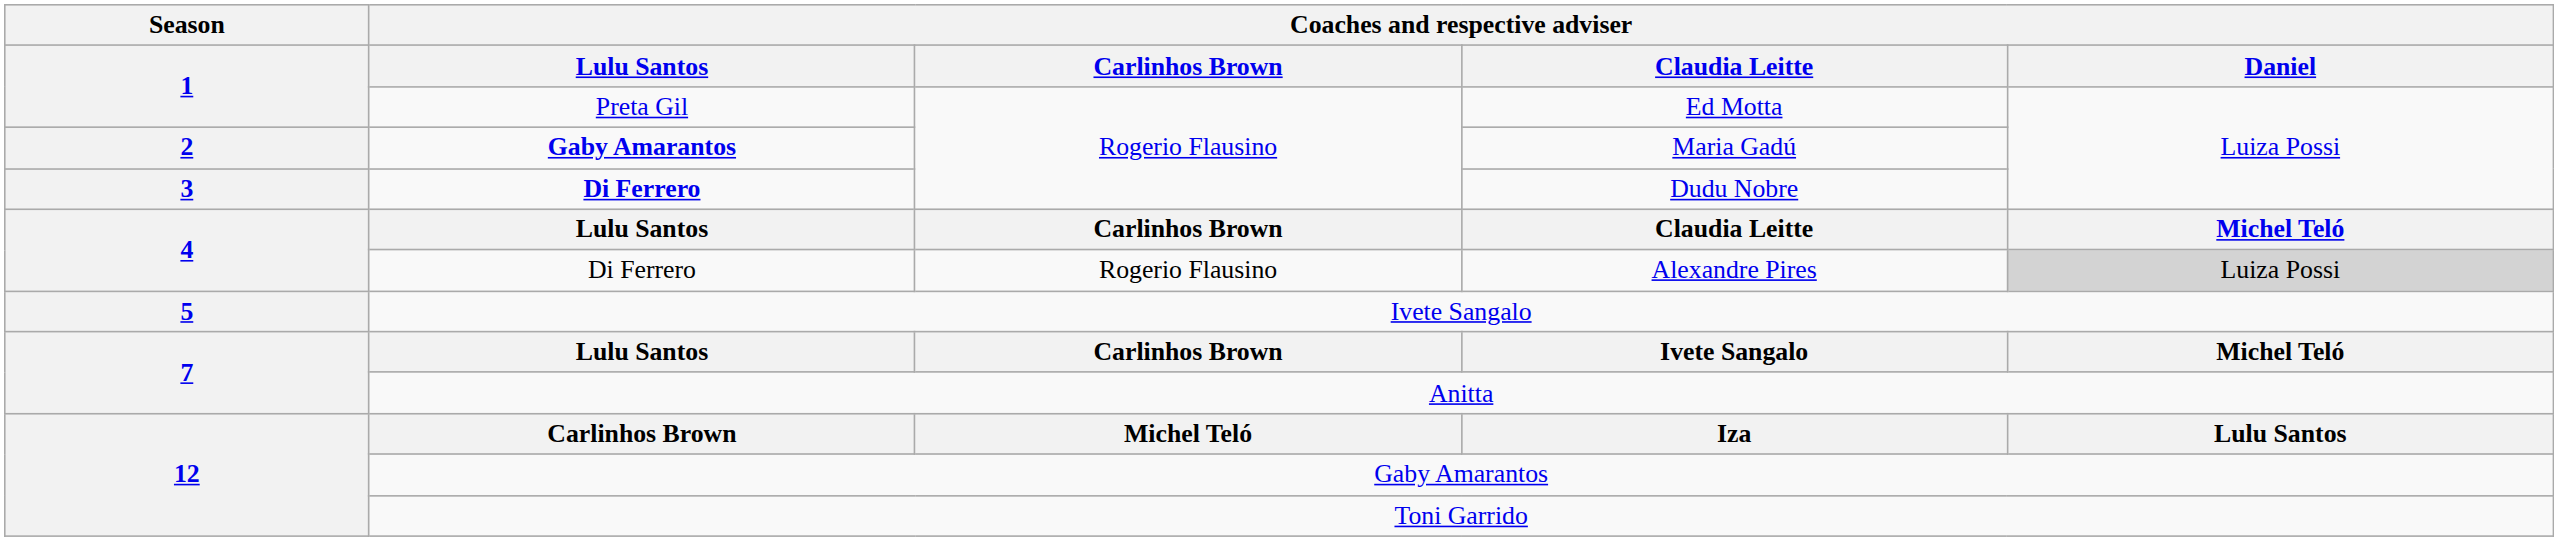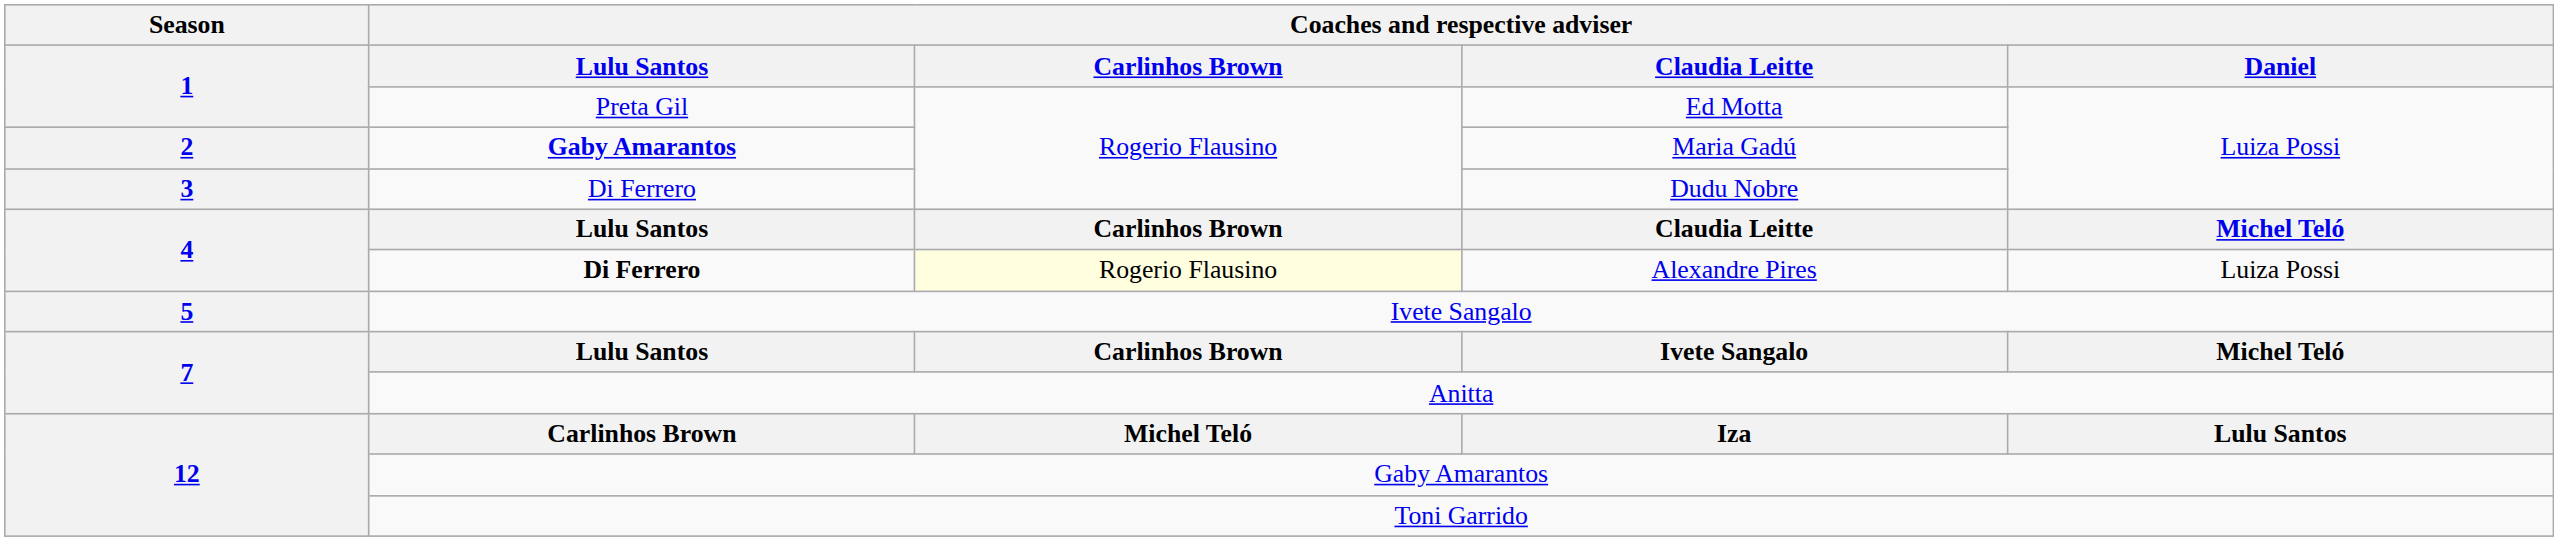 <table class="wikitable" style="text-align:center; width:100%">
 <tr>
 <th width="10%" scope="col">Season</th>
 <th width="60%" scope="col" colspan="5">Coaches and respective adviser</th>
 </tr>
 <tr>
 <th width="10%" scope="col" rowspan="2"><a href='#'>1</a></th>
 <th width="15%" scope="col"><a href='#'>Lulu Santos</a></th>
 <th width="15%" scope="col"><a href='#'>Carlinhos Brown</a></th>
 <th width="15%" scope="col"><a href='#'>Claudia Leitte</a></th>
 <th width="15%" scope="col"><a href='#'>Daniel</a></th>
 </tr>
 <tr>
 <td><a href='#'>Preta Gil</a></td>
 <td rowspan="3"><a href='#'>Rogerio Flausino</a></td>
 <td><a href='#'>Ed Motta</a></td>
 <td rowspan="3"><a href='#'>Luiza Possi</a></td>
 </tr>
 <tr>
 <th><a href='#'>2</a></th>
 <td><strong><a href='#'>Gaby Amarantos</a></strong></td>
 <td><a href='#'>Maria Gadú</a></td>
 </tr>
 <tr>
 <th><a href='#'>3</a></th>
-<td><strong><a href='#'>Di Ferrero</a></strong></td>
+<td><a href='#'>Di Ferrero</a></td>
 <td><a href='#'>Dudu Nobre</a></td>
 </tr>
 <tr>
 <th rowspan="2"><a href='#'>4</a></th>
 <th>Lulu Santos</th>
 <th>Carlinhos Brown</th>
 <th>Claudia Leitte</th>
 <th><a href='#'>Michel Teló</a></th>
 </tr>
 <tr>
-<td>Di Ferrero</td>
-<td>Rogerio Flausino</td>
+<td><strong>Di Ferrero</strong></td>
+<td style="background: lightyellow;">Rogerio Flausino</td>
 <td><a href='#'>Alexandre Pires</a></td>
-<td style="background: lightgrey;">Luiza Possi</td>
+<td>Luiza Possi</td>
 </tr>
 <tr>
 <th><a href='#'>5</a></th>
 <td colspan="4"><a href='#'>Ivete Sangalo</a></td>
 </tr>
 <tr>
 <th rowspan="2"><a href='#'>7</a></th>
 <th>Lulu Santos</th>
 <th>Carlinhos Brown</th>
 <th>Ivete Sangalo</th>
 <th>Michel Teló</th>
 </tr>
 <tr>
 <td colspan="4"><a href='#'>Anitta</a></td>
 </tr>
 <tr>
 <th rowspan="3"><a href='#'>12</a></th>
 <th>Carlinhos Brown</th>
 <th>Michel Teló</th>
 <th>Iza</th>
 <th>Lulu Santos</th>
 </tr>
 <tr>
 <td colspan="4"><a href='#'>Gaby Amarantos</a></td>
 </tr>
 <tr>
 <td colspan="4"><a href='#'>Toni Garrido</a></td>
 </tr>
 </table>
